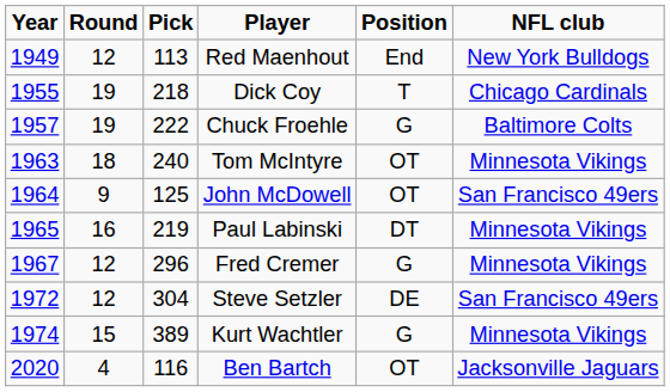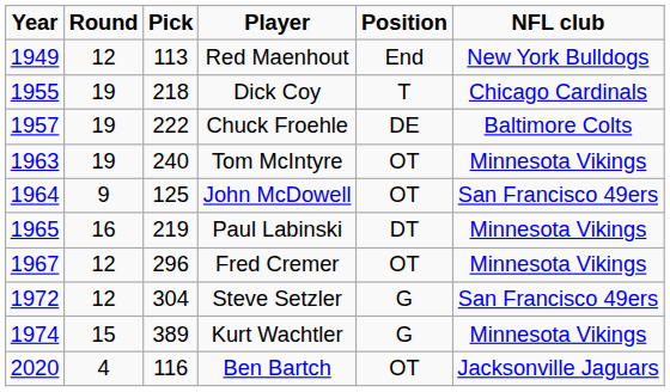 <table class="wikitable" style="text-align:center">
 <tr style="text-align:center; ">
 <td><strong>Year</strong></td>
 <td><strong>Round</strong></td>
 <td><strong>Pick</strong></td>
 <td><strong>Player</strong></td>
 <td><strong>Position</strong></td>
 <td><strong>NFL club</strong></td>
 </tr>
 <tr>
 <td><a href='#'>1949</a></td>
 <td>12</td>
 <td>113</td>
 <td>Red Maenhout</td>
 <td>End</td>
 <td><a href='#'>New York Bulldogs</a></td>
 </tr>
 <tr>
 <td><a href='#'>1955</a></td>
 <td>19</td>
 <td>218</td>
 <td>Dick Coy</td>
 <td>T</td>
 <td><a href='#'>Chicago Cardinals</a></td>
 </tr>
 <tr>
 <td><a href='#'>1957</a></td>
 <td>19</td>
 <td>222</td>
 <td>Chuck Froehle</td>
-<td>G</td>
+<td>DE</td>
 <td><a href='#'>Baltimore Colts</a></td>
 </tr>
 <tr>
 <td><a href='#'>1963</a></td>
-<td>18</td>
+<td>19</td>
 <td>240</td>
 <td>Tom McIntyre</td>
 <td>OT</td>
 <td><a href='#'>Minnesota Vikings</a></td>
 </tr>
 <tr>
 <td><a href='#'>1964</a></td>
 <td>9</td>
 <td>125</td>
 <td><a href='#'>John McDowell</a></td>
 <td>OT</td>
 <td><a href='#'>San Francisco 49ers</a></td>
 </tr>
 <tr>
 <td><a href='#'>1965</a></td>
 <td>16</td>
 <td>219</td>
 <td>Paul Labinski</td>
 <td>DT</td>
 <td><a href='#'>Minnesota Vikings</a></td>
 </tr>
 <tr>
 <td><a href='#'>1967</a></td>
 <td>12</td>
 <td>296</td>
 <td>Fred Cremer</td>
-<td>G</td>
+<td>OT</td>
 <td><a href='#'>Minnesota Vikings</a></td>
 </tr>
 <tr>
 <td><a href='#'>1972</a></td>
 <td>12</td>
 <td>304</td>
 <td>Steve Setzler</td>
-<td>DE</td>
+<td>G</td>
 <td><a href='#'>San Francisco 49ers</a></td>
 </tr>
 <tr>
 <td><a href='#'>1974</a></td>
 <td>15</td>
 <td>389</td>
 <td>Kurt Wachtler</td>
 <td>G</td>
 <td><a href='#'>Minnesota Vikings</a></td>
 </tr>
 <tr>
 <td><a href='#'>2020</a></td>
 <td>4</td>
 <td>116</td>
 <td><a href='#'>Ben Bartch</a></td>
 <td>OT</td>
 <td><a href='#'>Jacksonville Jaguars</a></td>
 </tr>
 </table>
